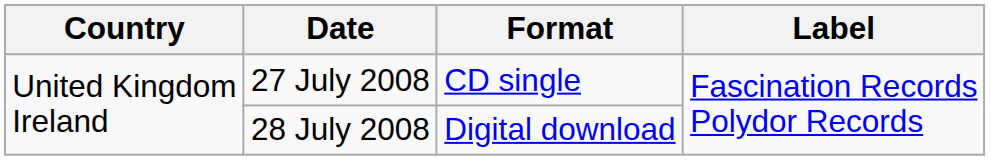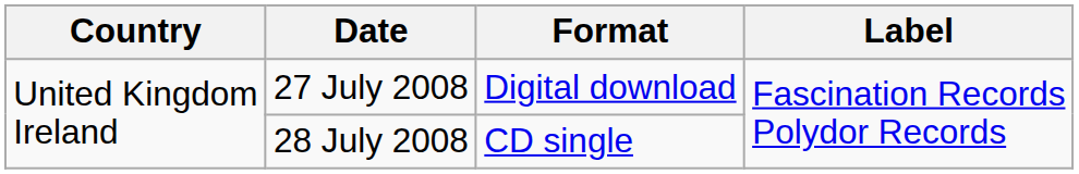 <table class="wikitable">
 <tr>
 <th>Country</th>
 <th>Date</th>
 <th>Format</th>
 <th>Label</th>
 </tr>
 <tr>
 <td rowspan="2">United Kingdom<br>Ireland</td>
 <td>27 July 2008</td>
-<td><a href='#'>CD single</a></td>
+<td><a href='#'>Digital download</a></td>
 <td rowspan="2"><a href='#'>Fascination Records</a><br><a href='#'>Polydor Records</a></td>
 </tr>
 <tr>
 <td>28 July 2008</td>
-<td><a href='#'>Digital download</a></td>
+<td><a href='#'>CD single</a></td>
 </tr>
 </table>
